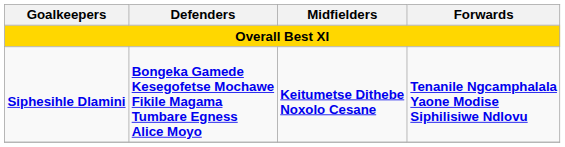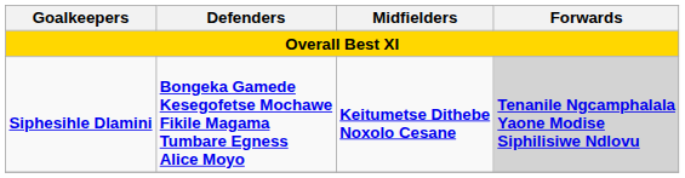 <table class="wikitable">
 <tr>
 <th>Goalkeepers</th>
 <th>Defenders</th>
 <th>Midfielders</th>
 <th>Forwards</th>
 </tr>
 <tr>
 <th colspan="4" style="background-color:gold">Overall Best XI</th>
 </tr>
 <tr>
 <td valign=center><br> <strong><a href='#'>Siphesihle Dlamini</a></strong></td>
 <td valign=center><br> <strong><a href='#'>Bongeka Gamede</a></strong><br> <strong><a href='#'>Kesegofetse Mochawe</a></strong><br> <strong><a href='#'>Fikile Magama</a></strong><br> <strong><a href='#'>Tumbare Egness</a></strong><br> <strong><a href='#'>Alice Moyo</a></strong></td>
 <td valign=center><br> <strong><a href='#'>Keitumetse Dithebe</a></strong><br> <strong><a href='#'>Noxolo Cesane</a></strong><br></td>
-<td valign=center><br> <strong><a href='#'>Tenanile Ngcamphalala</a></strong><br> <strong><a href='#'>Yaone Modise</a></strong><br> <strong><a href='#'>Siphilisiwe Ndlovu</a></strong></td>
+<td valign=center style="background: lightgrey;"><br> <strong><a href='#'>Tenanile Ngcamphalala</a></strong><br> <strong><a href='#'>Yaone Modise</a></strong><br> <strong><a href='#'>Siphilisiwe Ndlovu</a></strong></td>
 </tr>
 <tr>
 </tr>
 </table>
